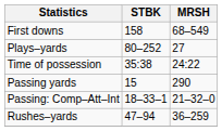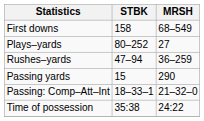 <table class="wikitable" style="float: left;">
 <tr>
 <th>Statistics</th>
 <th>STBK</th>
 <th>MRSH</th>
 </tr>
 <tr>
 <td>First downs</td>
 <td>158</td>
 <td>68–549</td>
 </tr>
 <tr>
 <td>Plays–yards</td>
 <td>80–252</td>
 <td>27</td>
 </tr>
 <tr>
-<td>Time of possession</td>
-<td>35:38</td>
-<td>24:22</td>
+<td>Rushes–yards</td>
+<td>47–94</td>
+<td>36–259</td>
 </tr>
 <tr>
 <td>Passing yards</td>
 <td>15</td>
 <td>290</td>
 </tr>
 <tr>
 <td>Passing: Comp–Att–Int</td>
 <td>18–33–1</td>
 <td>21–32–0</td>
 </tr>
 <tr>
-<td>Rushes–yards</td>
-<td>47–94</td>
-<td>36–259</td>
+<td>Time of possession</td>
+<td>35:38</td>
+<td>24:22</td>
 </tr>
 <tr>
 </tr>
 </table>
